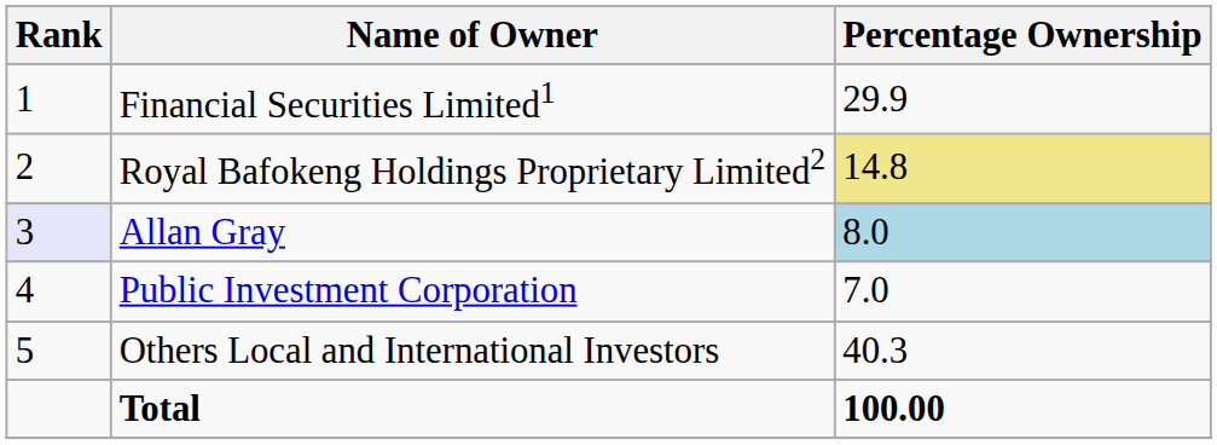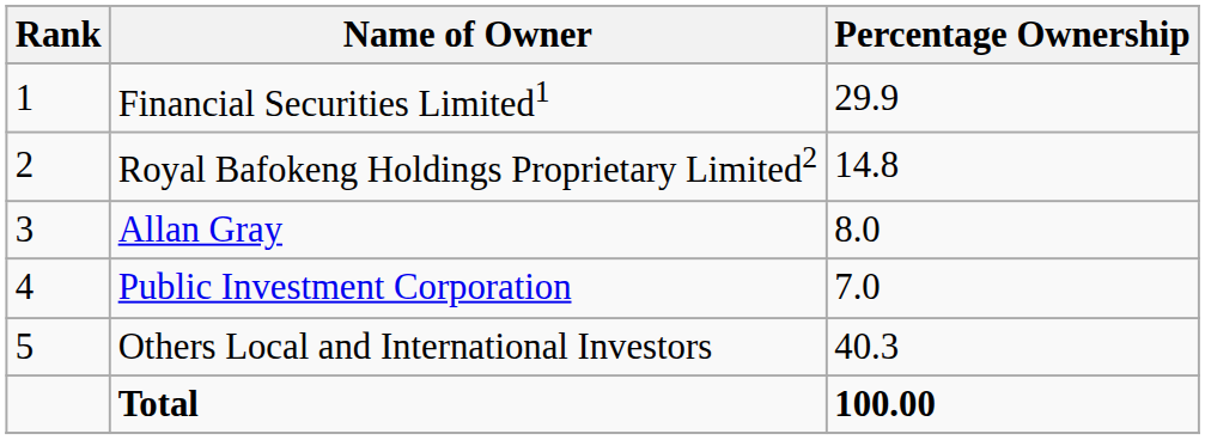 <table class="wikitable sortable" style="margin-left:auto;margin-right:auto">
 <tr>
 <th style="width:2em;">Rank</th>
 <th>Name of Owner</th>
 <th>Percentage Ownership</th>
 </tr>
 <tr>
 <td>1</td>
 <td>Financial Securities Limited<sup>1</sup></td>
 <td>29.9</td>
 </tr>
 <tr>
 <td>2</td>
 <td>Royal Bafokeng Holdings Proprietary Limited<sup>2</sup></td>
-<td style="background: khaki;">14.8</td>
+<td>14.8</td>
 </tr>
 <tr>
-<td style="background: lavender;">3</td>
+<td>3</td>
 <td><a href='#'>Allan Gray</a></td>
-<td style="background: lightblue;">8.0</td>
+<td>8.0</td>
 </tr>
 <tr>
 <td>4</td>
 <td><a href='#'>Public Investment Corporation</a></td>
 <td>7.0</td>
 </tr>
 <tr>
 <td>5</td>
 <td>Others Local and International Investors</td>
 <td>40.3</td>
 </tr>
 <tr>
 <td></td>
 <td><strong>Total</strong></td>
 <td><strong>100.00</strong></td>
 </tr>
 <tr>
 </tr>
 </table>
